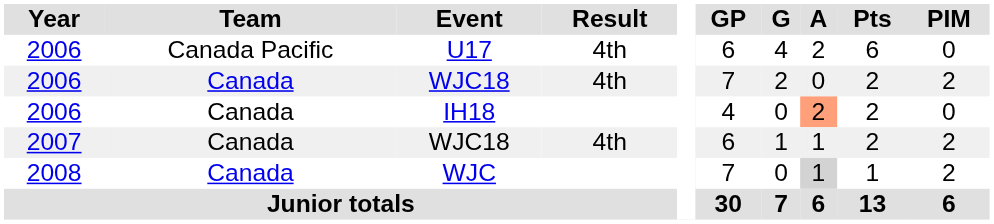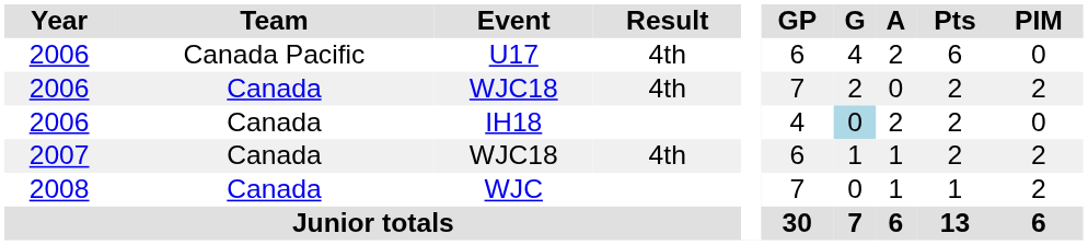 <table border="0" cellpadding="1" cellspacing="0" style="text-align:center; width:40em">
 <tr ALIGN="centre" bgcolor="#e0e0e0">
 <th>Year</th>
 <th>Team</th>
 <th>Event</th>
 <th>Result</th>
 <th rowspan="99" bgcolor="#ffffff"> </th>
 <th>GP</th>
 <th>G</th>
 <th>A</th>
 <th>Pts</th>
 <th>PIM</th>
 </tr>
 <tr>
 <td><a href='#'>2006</a></td>
 <td>Canada Pacific</td>
 <td><a href='#'>U17</a></td>
 <td>4th</td>
 <td>6</td>
 <td>4</td>
 <td>2</td>
 <td>6</td>
 <td>0</td>
 </tr>
 <tr bgcolor="#f0f0f0">
 <td><a href='#'>2006</a></td>
 <td><a href='#'>Canada</a></td>
 <td><a href='#'>WJC18</a></td>
 <td>4th</td>
 <td>7</td>
 <td>2</td>
 <td>0</td>
 <td>2</td>
 <td>2</td>
 </tr>
 <tr>
 <td><a href='#'>2006</a></td>
 <td>Canada</td>
 <td><a href='#'>IH18</a></td>
 <td></td>
 <td>4</td>
-<td>0</td>
-<td style="background: lightsalmon;">2</td>
+<td style="background: lightblue;">0</td>
+<td>2</td>
 <td>2</td>
 <td>0</td>
 </tr>
 <tr bgcolor="#f0f0f0">
 <td><a href='#'>2007</a></td>
 <td>Canada</td>
 <td>WJC18</td>
 <td>4th</td>
 <td>6</td>
 <td>1</td>
 <td>1</td>
 <td>2</td>
 <td>2</td>
 </tr>
 <tr>
 <td><a href='#'>2008</a></td>
 <td><a href='#'>Canada</a></td>
 <td><a href='#'>WJC</a></td>
 <td></td>
 <td>7</td>
 <td>0</td>
-<td style="background: lightgrey;">1</td>
+<td>1</td>
 <td>1</td>
 <td>2</td>
 </tr>
 <tr bgcolor="#e0e0e0">
 <th colspan="4">Junior totals</th>
 <th>30</th>
 <th>7</th>
 <th>6</th>
 <th>13</th>
 <th>6</th>
 </tr>
 </table>
